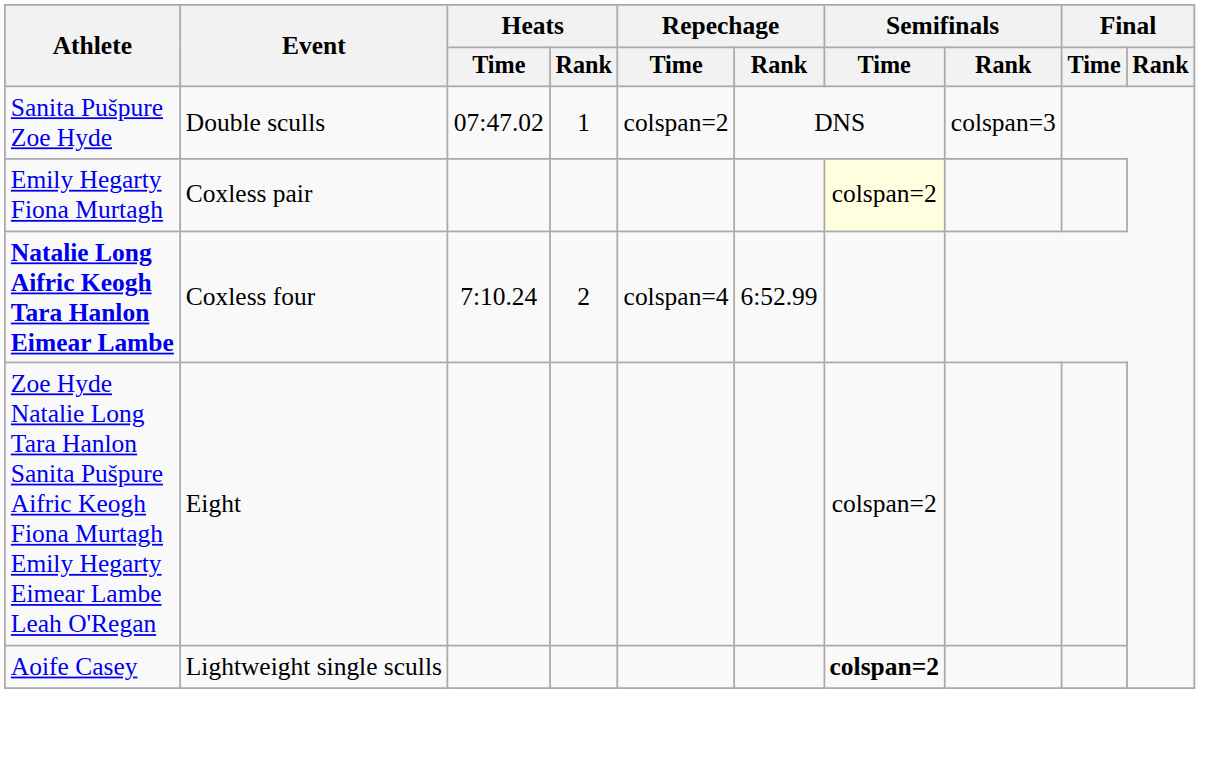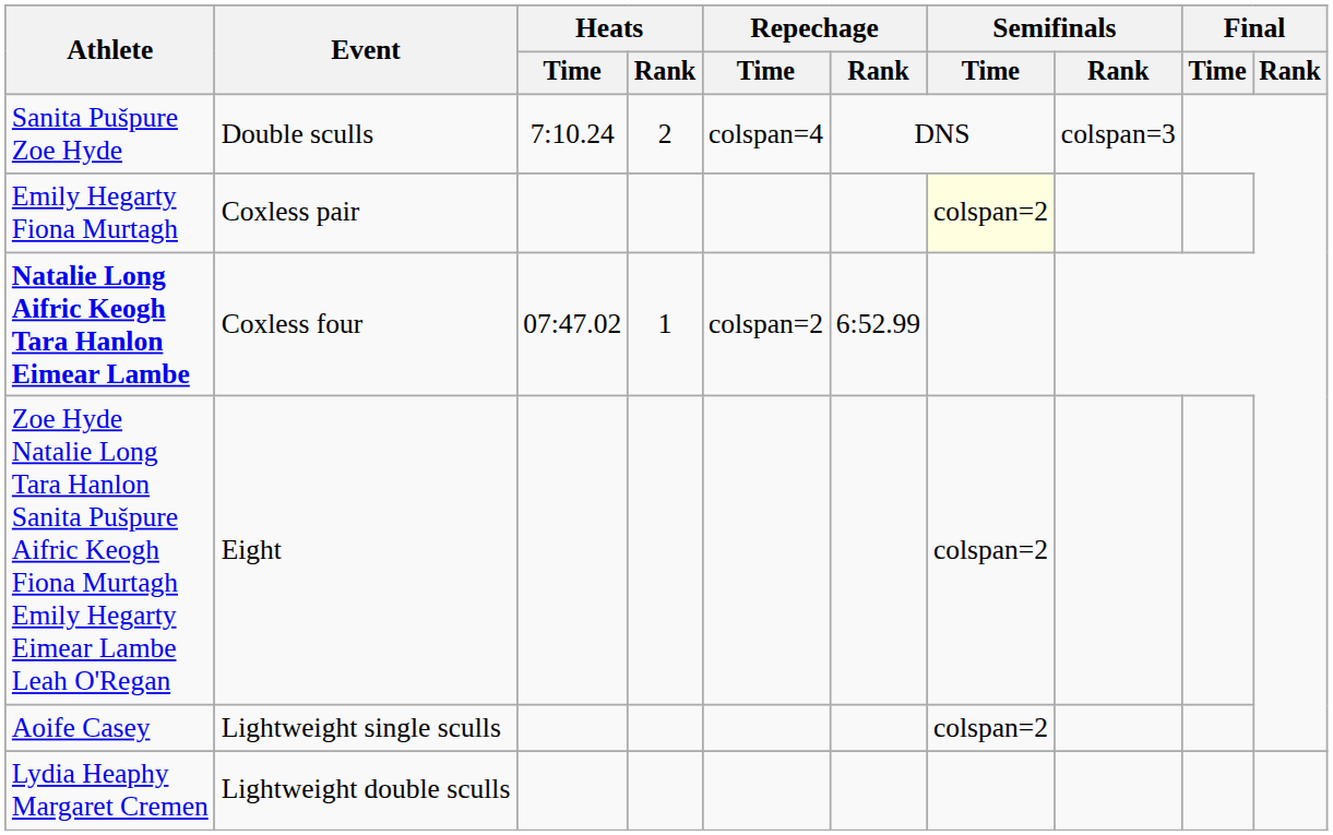 <table class="wikitable" style="font-size:90%">
 <tr>
 <th rowspan="2">Athlete</th>
 <th rowspan="2">Event</th>
 <th colspan="2">Heats</th>
 <th colspan="2">Repechage</th>
 <th colspan="2">Semifinals</th>
 <th colspan="2">Final</th>
 </tr>
 <tr style="font-size:95%">
 <th>Time</th>
 <th>Rank</th>
 <th>Time</th>
 <th>Rank</th>
 <th>Time</th>
 <th>Rank</th>
 <th>Time</th>
 <th>Rank</th>
 </tr>
 <tr align=center>
 <td align=left><a href='#'>Sanita Pušpure</a><br><a href='#'>Zoe Hyde</a></td>
 <td align=left>Double sculls</td>
-<td>07:47.02</td>
-<td>1</td>
-<td>colspan=2</td>
+<td>7:10.24</td>
+<td>2</td>
+<td>colspan=4</td>
 <td colspan="2">DNS</td>
 <td>colspan=3</td>
 </tr>
 <tr align=center>
 <td align=left><a href='#'>Emily Hegarty</a><br><a href='#'>Fiona Murtagh</a></td>
 <td align=left>Coxless pair</td>
 <td></td>
 <td></td>
 <td></td>
 <td></td>
 <td style="background: lightyellow;">colspan=2</td>
 <td></td>
 <td></td>
 </tr>
 <tr align=center>
 <td align=left><strong><a href='#'>Natalie Long</a><br><a href='#'>Aifric Keogh</a><br><a href='#'>Tara Hanlon</a><br><a href='#'>Eimear Lambe</a></strong></td>
 <td align=left>Coxless four</td>
-<td>7:10.24</td>
-<td>2</td>
-<td>colspan=4</td>
+<td>07:47.02</td>
+<td>1</td>
+<td>colspan=2</td>
 <td>6:52.99</td>
 <td></td>
 </tr>
 <tr align=center>
 <td align=left><a href='#'>Zoe Hyde</a><br><a href='#'>Natalie Long</a><br><a href='#'>Tara Hanlon</a><br><a href='#'>Sanita Pušpure</a><br><a href='#'>Aifric Keogh</a><br><a href='#'>Fiona Murtagh</a><br><a href='#'>Emily Hegarty</a><br><a href='#'>Eimear Lambe</a><br><a href='#'>Leah O'Regan</a></td>
 <td align=left>Eight</td>
 <td></td>
 <td></td>
 <td></td>
 <td></td>
 <td>colspan=2</td>
 <td></td>
 <td></td>
 </tr>
 <tr align=center>
 <td align=left><a href='#'>Aoife Casey</a></td>
 <td align=left>Lightweight single sculls</td>
 <td></td>
 <td></td>
 <td></td>
 <td></td>
-<td><strong>colspan=2</strong></td>
+<td>colspan=2</td>
+<td></td>
+<td></td>
+</tr>
+<tr align=center>
+<td align=left><a href='#'>Lydia Heaphy</a><br><a href='#'>Margaret Cremen</a></td>
+<td align=left>Lightweight double sculls</td>
+<td></td>
+<td></td>
+<td></td>
+<td></td>
+<td></td>
+<td></td>
 <td></td>
 <td></td>
 </tr>
 </table>
